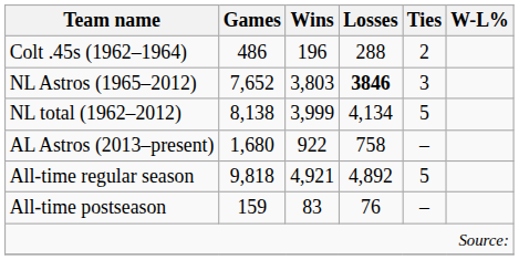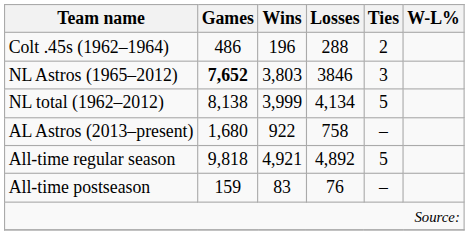 <table class="wikitable" style="text-align:center">
 <tr>
 <th>Team name</th>
 <th>Games</th>
 <th>Wins</th>
 <th>Losses</th>
 <th>Ties</th>
 <th>W-L%</th>
 </tr>
 <tr>
 <td align=left>Colt .45s (1962–1964)</td>
 <td>486</td>
 <td>196</td>
 <td>288</td>
 <td>2</td>
 <td></td>
 </tr>
 <tr>
 <td align=left>NL Astros (1965–2012)</td>
-<td>7,652</td>
+<td><strong>7,652</strong></td>
 <td>3,803</td>
-<td><strong>3846</strong></td>
+<td>3846</td>
 <td>3</td>
 <td></td>
 </tr>
 <tr>
 <td align=left>NL total (1962–2012)</td>
 <td>8,138</td>
 <td>3,999</td>
 <td>4,134</td>
 <td>5</td>
 <td></td>
 </tr>
 <tr>
 <td align=left>AL Astros (2013–present)</td>
 <td>1,680</td>
 <td>922</td>
 <td>758</td>
 <td>–</td>
 <td></td>
 </tr>
 <tr>
 <td align=left>All-time regular season</td>
 <td>9,818</td>
 <td>4,921</td>
 <td>4,892</td>
 <td>5</td>
 <td></td>
 </tr>
 <tr>
 <td align=left>All-time postseason</td>
 <td>159</td>
 <td>83</td>
 <td>76</td>
 <td>–</td>
 <td></td>
 </tr>
 <tr>
 <td colspan="6;" align="right"><small><em>Source:</em></small></td>
 </tr>
 <tr>
 </tr>
 </table>
